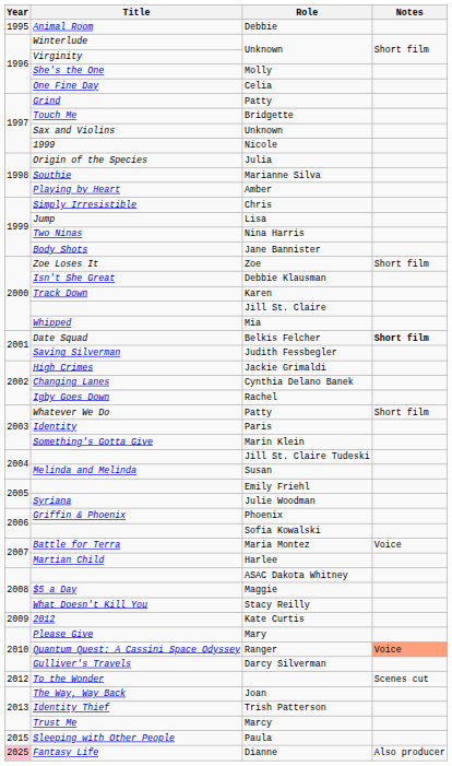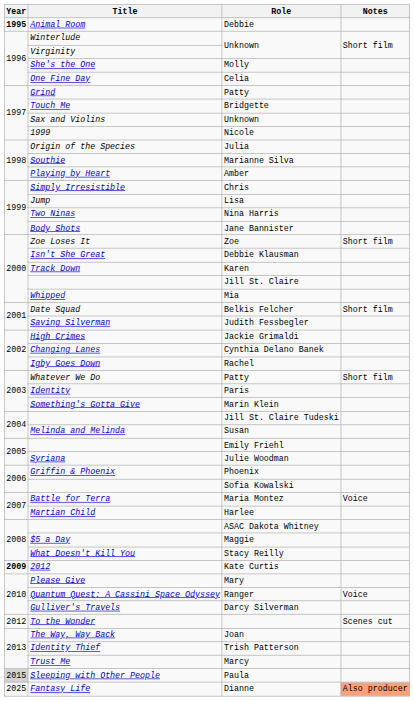 <table class="wikitable sortable">
 <tr>
 <th>Year</th>
 <th>Title</th>
 <th>Role</th>
 <th class="unsortable">Notes</th>
 </tr>
 <tr>
-<td>1995</td>
+<td><strong>1995</strong></td>
 <td><em><a href='#'>Animal Room</a></em></td>
 <td>Debbie</td>
 <td></td>
 </tr>
 <tr>
 <td rowspan="4">1996</td>
 <td><em>Winterlude</em></td>
 <td rowspan="2">Unknown</td>
 <td rowspan="2">Short film</td>
 </tr>
 <tr>
 <td><em>Virginity</em></td>
 </tr>
 <tr>
 <td><em><a href='#'>She's the One</a></em></td>
 <td>Molly</td>
 <td></td>
 </tr>
 <tr>
 <td><em><a href='#'>One Fine Day</a></em></td>
 <td>Celia</td>
 <td></td>
 </tr>
 <tr>
 <td rowspan="4">1997</td>
 <td><em><a href='#'>Grind</a></em></td>
 <td>Patty</td>
 <td></td>
 </tr>
 <tr>
 <td><em><a href='#'>Touch Me</a></em></td>
 <td>Bridgette</td>
 <td></td>
 </tr>
 <tr>
 <td><em>Sax and Violins</em></td>
 <td>Unknown</td>
 <td></td>
 </tr>
 <tr>
 <td><em>1999</em></td>
 <td>Nicole</td>
 <td></td>
 </tr>
 <tr>
 <td rowspan="3">1998</td>
 <td><em>Origin of the Species</em></td>
 <td>Julia</td>
 <td></td>
 </tr>
 <tr>
 <td><em><a href='#'>Southie</a></em></td>
 <td>Marianne Silva</td>
 <td></td>
 </tr>
 <tr>
 <td><em><a href='#'>Playing by Heart</a></em></td>
 <td>Amber</td>
 <td></td>
 </tr>
 <tr>
 <td rowspan="4">1999</td>
 <td><em><a href='#'>Simply Irresistible</a></em></td>
 <td>Chris</td>
 <td></td>
 </tr>
 <tr>
 <td><em>Jump</em></td>
 <td>Lisa</td>
 <td></td>
 </tr>
 <tr>
 <td><em><a href='#'>Two Ninas</a></em></td>
 <td>Nina Harris</td>
 <td></td>
 </tr>
 <tr>
 <td><em><a href='#'>Body Shots</a></em></td>
 <td>Jane Bannister</td>
 <td></td>
 </tr>
 <tr>
 <td rowspan="5">2000</td>
 <td><em>Zoe Loses It</em></td>
 <td>Zoe</td>
 <td>Short film</td>
 </tr>
 <tr>
 <td><em><a href='#'>Isn't She Great</a></em></td>
 <td>Debbie Klausman</td>
 <td></td>
 </tr>
 <tr>
 <td><em><a href='#'>Track Down</a></em></td>
 <td>Karen</td>
 <td></td>
 </tr>
 <tr>
 <td><em></em></td>
 <td>Jill St. Claire</td>
 <td></td>
 </tr>
 <tr>
 <td><em><a href='#'>Whipped</a></em></td>
 <td>Mia</td>
 <td></td>
 </tr>
 <tr>
 <td rowspan="2">2001</td>
 <td><em>Date Squad</em></td>
 <td>Belkis Felcher</td>
-<td><strong>Short film</strong></td>
+<td>Short film</td>
 </tr>
 <tr>
 <td><em><a href='#'>Saving Silverman</a></em></td>
 <td>Judith Fessbegler</td>
 <td></td>
 </tr>
 <tr>
 <td rowspan="3">2002</td>
 <td><em><a href='#'>High Crimes</a></em></td>
 <td>Jackie Grimaldi</td>
 <td></td>
 </tr>
 <tr>
 <td><em><a href='#'>Changing Lanes</a></em></td>
 <td>Cynthia Delano Banek</td>
 <td></td>
 </tr>
 <tr>
 <td><em><a href='#'>Igby Goes Down</a></em></td>
 <td>Rachel</td>
 <td></td>
 </tr>
 <tr>
 <td rowspan="3">2003</td>
 <td><em>Whatever We Do</em></td>
 <td>Patty</td>
 <td>Short film</td>
 </tr>
 <tr>
 <td><em><a href='#'>Identity</a></em></td>
 <td>Paris</td>
 <td></td>
 </tr>
 <tr>
 <td><em><a href='#'>Something's Gotta Give</a></em></td>
 <td>Marin Klein</td>
 <td></td>
 </tr>
 <tr>
 <td rowspan="2">2004</td>
 <td><em></em></td>
 <td>Jill St. Claire Tudeski</td>
 <td></td>
 </tr>
 <tr>
 <td><em><a href='#'>Melinda and Melinda</a></em></td>
 <td>Susan</td>
 <td></td>
 </tr>
 <tr>
 <td rowspan="2">2005</td>
 <td><em></em></td>
 <td>Emily Friehl</td>
 <td></td>
 </tr>
 <tr>
 <td><em><a href='#'>Syriana</a></em></td>
 <td>Julie Woodman</td>
 <td></td>
 </tr>
 <tr>
 <td rowspan="2">2006</td>
 <td><em><a href='#'>Griffin & Phoenix</a></em></td>
 <td>Phoenix</td>
 <td></td>
 </tr>
 <tr>
 <td><em></em></td>
 <td>Sofia Kowalski</td>
 <td></td>
 </tr>
 <tr>
 <td rowspan="2">2007</td>
 <td><em><a href='#'>Battle for Terra</a></em></td>
 <td>Maria Montez</td>
 <td>Voice</td>
 </tr>
 <tr>
 <td><em><a href='#'>Martian Child</a></em></td>
 <td>Harlee</td>
 <td></td>
 </tr>
 <tr>
 <td rowspan="3">2008</td>
 <td><em></em></td>
 <td>ASAC Dakota Whitney</td>
 <td></td>
 </tr>
 <tr>
 <td><em><a href='#'>$5 a Day</a></em></td>
 <td>Maggie</td>
 <td></td>
 </tr>
 <tr>
 <td><em><a href='#'>What Doesn't Kill You</a></em></td>
 <td>Stacy Reilly</td>
 <td></td>
 </tr>
 <tr>
-<td>2009</td>
+<td><strong>2009</strong></td>
 <td><em><a href='#'>2012</a></em></td>
 <td>Kate Curtis</td>
 <td></td>
 </tr>
 <tr>
 <td rowspan="3">2010</td>
 <td><em><a href='#'>Please Give</a></em></td>
 <td>Mary</td>
 <td></td>
 </tr>
 <tr>
 <td><em><a href='#'>Quantum Quest: A Cassini Space Odyssey</a></em></td>
 <td>Ranger</td>
-<td style="background: lightsalmon;">Voice</td>
+<td>Voice</td>
 </tr>
 <tr>
 <td><em><a href='#'>Gulliver's Travels</a></em></td>
 <td>Darcy Silverman</td>
 <td></td>
 </tr>
 <tr>
 <td>2012</td>
 <td><em><a href='#'>To the Wonder</a></em></td>
 <td></td>
 <td>Scenes cut</td>
 </tr>
 <tr>
 <td rowspan="3">2013</td>
 <td><em><a href='#'>The Way, Way Back</a></em></td>
 <td>Joan</td>
 <td></td>
 </tr>
 <tr>
 <td><em><a href='#'>Identity Thief</a></em></td>
 <td>Trish Patterson</td>
 <td></td>
 </tr>
 <tr>
 <td><em><a href='#'>Trust Me</a></em></td>
 <td>Marcy</td>
 <td></td>
 </tr>
 <tr>
-<td>2015</td>
+<td style="background: lightgrey;">2015</td>
 <td><em><a href='#'>Sleeping with Other People</a></em></td>
 <td>Paula</td>
 <td></td>
 </tr>
 <tr>
-<td style="background: pink;">2025</td>
+<td>2025</td>
 <td><em><a href='#'>Fantasy Life</a></em></td>
 <td>Dianne</td>
-<td>Also producer</td>
+<td style="background: lightsalmon;">Also producer</td>
 </tr>
 </table>
